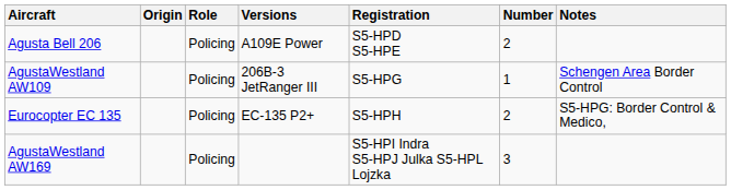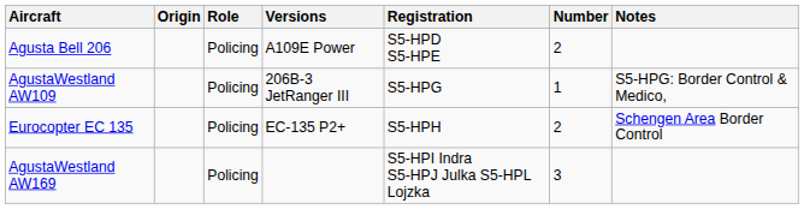 <table class="wikitable">
 <tr>
 <th style="text-align: left;">Aircraft</th>
 <th style="text-align: left;">Origin</th>
 <th style="text-align: left;">Role</th>
 <th style="text-align: left;">Versions</th>
 <th style="text-align: left;">Registration</th>
 <th style="text-align: left;">Number</th>
 <th style="text-align: left;">Notes</th>
 </tr>
 <tr>
 <td><a href='#'>Agusta Bell 206</a></td>
 <td></td>
 <td>Policing</td>
 <td>A109E Power</td>
 <td>S5-HPD<br>S5-HPE</td>
 <td>2</td>
 <td></td>
 </tr>
 <tr>
 <td><a href='#'>AgustaWestland AW109</a></td>
 <td></td>
 <td>Policing</td>
 <td>206B-3 JetRanger III</td>
 <td>S5-HPG</td>
 <td>1</td>
-<td><a href='#'>Schengen Area</a> Border Control</td>
+<td>S5-HPG: Border Control & Medico,</td>
 </tr>
 <tr>
 <td><a href='#'>Eurocopter EC 135</a></td>
 <td></td>
 <td>Policing</td>
 <td>EC-135 P2+</td>
 <td>S5-HPH</td>
 <td>2</td>
-<td>S5-HPG: Border Control & Medico,</td>
+<td><a href='#'>Schengen Area</a> Border Control</td>
 </tr>
 <tr>
 <td><a href='#'>AgustaWestland AW169</a></td>
 <td></td>
 <td>Policing</td>
 <td></td>
 <td>S5-HPI Indra<br>S5-HPJ Julka S5-HPL Lojzka</td>
 <td>3</td>
 <td></td>
 </tr>
 </table>
